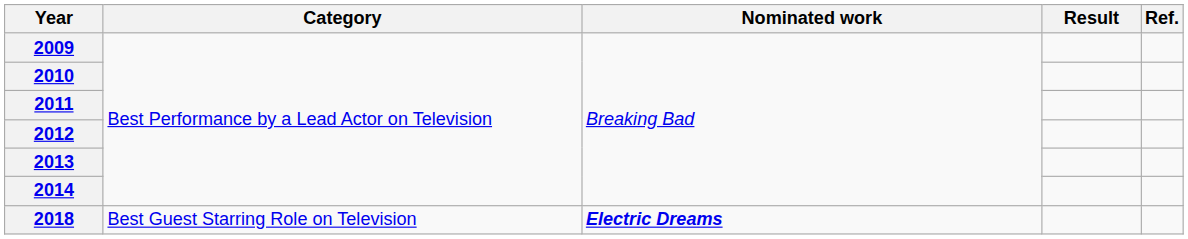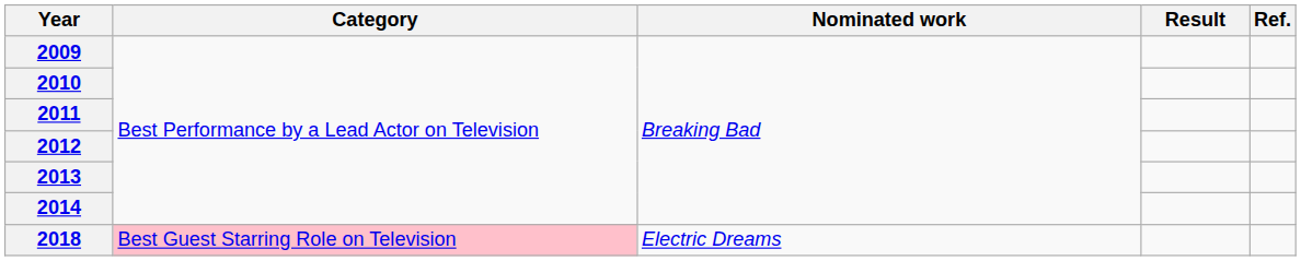 <table class=wikitable>
 <tr>
 <th scope="col" style="width:5em;">Year</th>
 <th scope="col" style="width:26em;">Category</th>
 <th scope="col" style="width:25em;">Nominated work</th>
 <th scope="col" style="width:5em;">Result</th>
 <th>Ref.</th>
 </tr>
 <tr>
 <th style="text-align:center;"><a href='#'>2009</a></th>
 <td rowspan="6"><a href='#'>Best Performance by a Lead Actor on Television</a></td>
 <td rowspan="6"><em><a href='#'>Breaking Bad</a></em></td>
 <td></td>
 <td style="text-align:center;"></td>
 </tr>
 <tr>
 <th scope=row><a href='#'>2010</a></th>
 <td></td>
 <td style="text-align:center;"></td>
 </tr>
 <tr>
 <th scope=row><a href='#'>2011</a></th>
 <td></td>
 <td style="text-align:center;"></td>
 </tr>
 <tr>
 <th scope=row><a href='#'>2012</a></th>
 <td></td>
 <td style="text-align:center;"></td>
 </tr>
 <tr>
 <th scope=row><a href='#'>2013</a></th>
 <td></td>
 <td style="text-align:center;"></td>
 </tr>
 <tr>
 <th scope=row><a href='#'>2014</a></th>
 <td></td>
 <td style="text-align:center;"></td>
 </tr>
 <tr>
 <th scope=row><a href='#'>2018</a></th>
-<td><a href='#'>Best Guest Starring Role on Television</a></td>
-<td><strong><em><a href='#'>Electric Dreams</a></em></strong></td>
+<td style="background: pink;"><a href='#'>Best Guest Starring Role on Television</a></td>
+<td><em><a href='#'>Electric Dreams</a></em></td>
 <td></td>
 <td style="text-align:center;"></td>
 </tr>
 </table>
